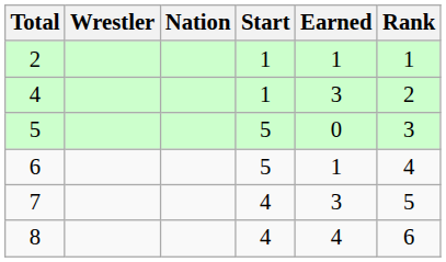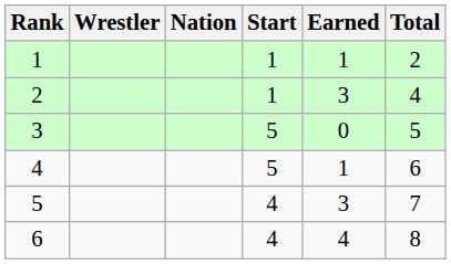 <table class="wikitable sortable" style="text-align:center;">
 <tr>
-<th>Total</th>
+<th>Rank</th>
 <th>Wrestler</th>
 <th>Nation</th>
 <th>Start</th>
 <th>Earned</th>
-<th>Rank</th>
+<th>Total</th>
+</tr>
+<tr style="background:#cfc;">
+<td>1</td>
+<td align=left></td>
+<td align=left></td>
+<td>1</td>
+<td>1</td>
+<td>2</td>
 </tr>
 <tr style="background:#cfc;">
 <td>2</td>
 <td align=left></td>
 <td align=left></td>
 <td>1</td>
-<td>1</td>
-<td>1</td>
+<td>3</td>
+<td>4</td>
 </tr>
 <tr style="background:#cfc;">
-<td>4</td>
-<td align=left></td>
-<td align=left></td>
-<td>1</td>
 <td>3</td>
-<td>2</td>
-</tr>
-<tr style="background:#cfc;">
-<td>5</td>
 <td align=left></td>
 <td align=left></td>
 <td>5</td>
 <td>0</td>
+<td>5</td>
+</tr>
+<tr>
+<td>4</td>
+<td align=left></td>
+<td align=left></td>
+<td>5</td>
+<td>1</td>
+<td>6</td>
+</tr>
+<tr>
+<td>5</td>
+<td align=left></td>
+<td align=left></td>
+<td>4</td>
 <td>3</td>
+<td>7</td>
 </tr>
 <tr>
 <td>6</td>
 <td align=left></td>
 <td align=left></td>
-<td>5</td>
-<td>1</td>
-<td>4</td>
-</tr>
-<tr>
-<td>7</td>
-<td align=left></td>
-<td align=left></td>
-<td>4</td>
-<td>3</td>
-<td>5</td>
-</tr>
-<tr>
-<td>8</td>
-<td align=left></td>
-<td align=left></td>
 <td>4</td>
 <td>4</td>
-<td>6</td>
+<td>8</td>
 </tr>
 </table>
